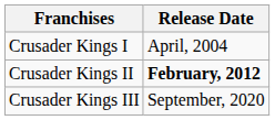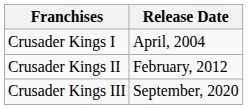 <table class="wikitable">
 <tr>
 <th>Franchises</th>
 <th>Release Date</th>
 </tr>
 <tr>
 <td>Crusader Kings I</td>
 <td>April, 2004</td>
 </tr>
 <tr>
 <td>Crusader Kings II</td>
-<td><strong>February, 2012</strong></td>
+<td>February, 2012</td>
 </tr>
 <tr>
 <td>Crusader Kings III</td>
 <td>September, 2020</td>
 </tr>
 </table>
